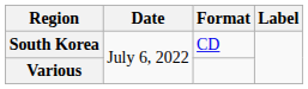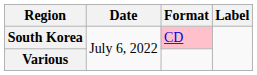 <table class="wikitable plainrowheaders">
 <tr>
 <th scope="col">Region</th>
 <th scope="col">Date</th>
 <th scope="col">Format</th>
 <th scope="col">Label</th>
 </tr>
 <tr>
 <th scope="row">South Korea</th>
 <td rowspan="2">July 6, 2022</td>
-<td><a href='#'>CD</a></td>
+<td style="background: pink;"><a href='#'>CD</a></td>
 <td rowspan="2"></td>
 </tr>
 <tr>
 <th scope="row">Various </th>
 <td></td>
 </tr>
 </table>
